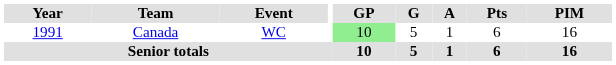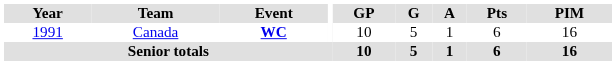 <table border="0" cellpadding="1" cellspacing="0" ID="Table3" style="text-align:center; width:40em">
 <tr bgcolor="#e0e0e0">
 <th>Year</th>
 <th>Team</th>
 <th>Event</th>
 <th rowspan="102" bgcolor="#ffffff"></th>
 <th>GP</th>
 <th>G</th>
 <th>A</th>
 <th>Pts</th>
 <th>PIM</th>
 </tr>
 <tr>
 <td><a href='#'>1991</a></td>
 <td><a href='#'>Canada</a></td>
-<td><a href='#'>WC</a></td>
-<td style="background: lightgreen;">10</td>
+<td><strong><a href='#'>WC</a></strong></td>
+<td>10</td>
 <td>5</td>
 <td>1</td>
 <td>6</td>
 <td>16</td>
 </tr>
 <tr bgcolor="#e0e0e0">
 <th colspan="4">Senior totals</th>
 <th>10</th>
 <th>5</th>
 <th>1</th>
 <th>6</th>
 <th>16</th>
 </tr>
 </table>
